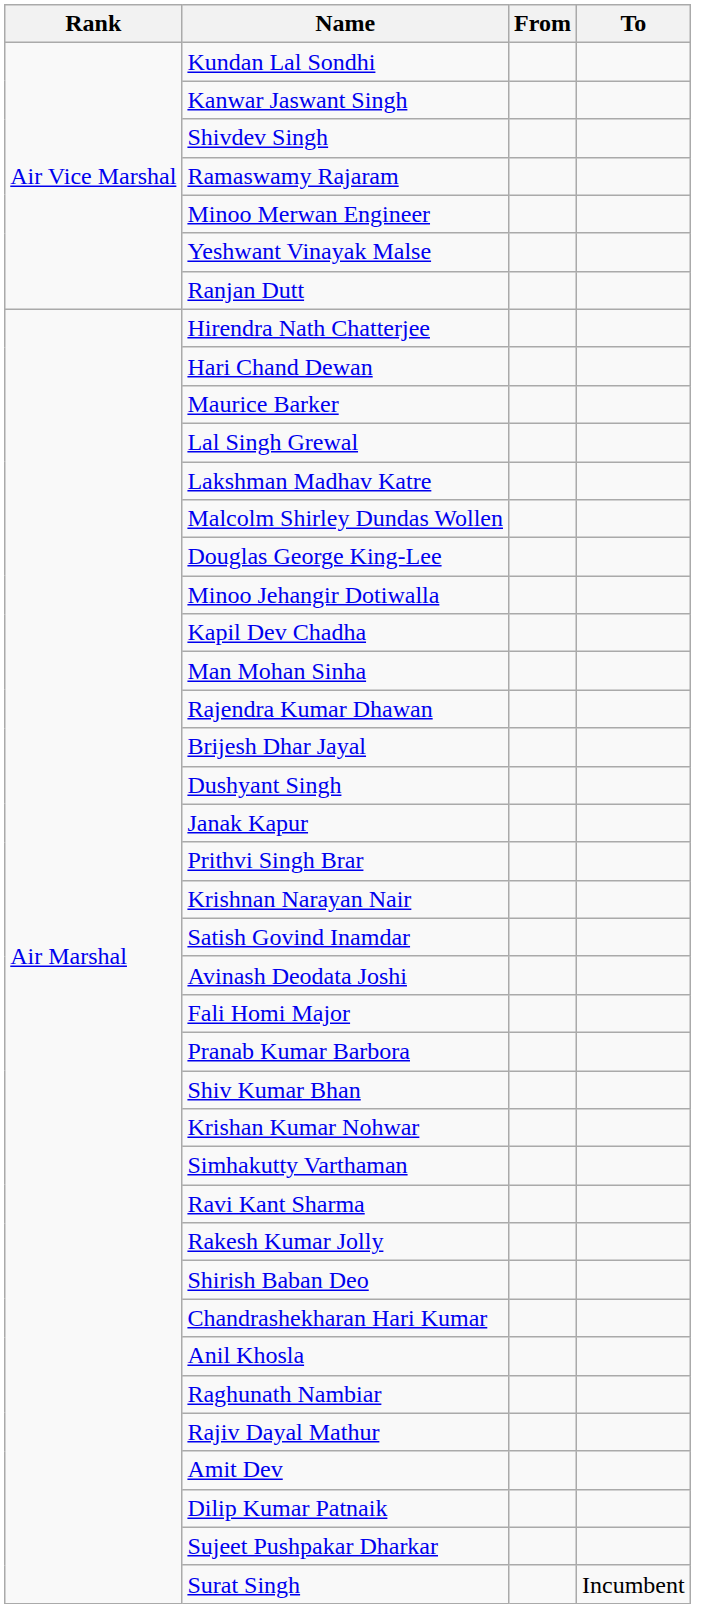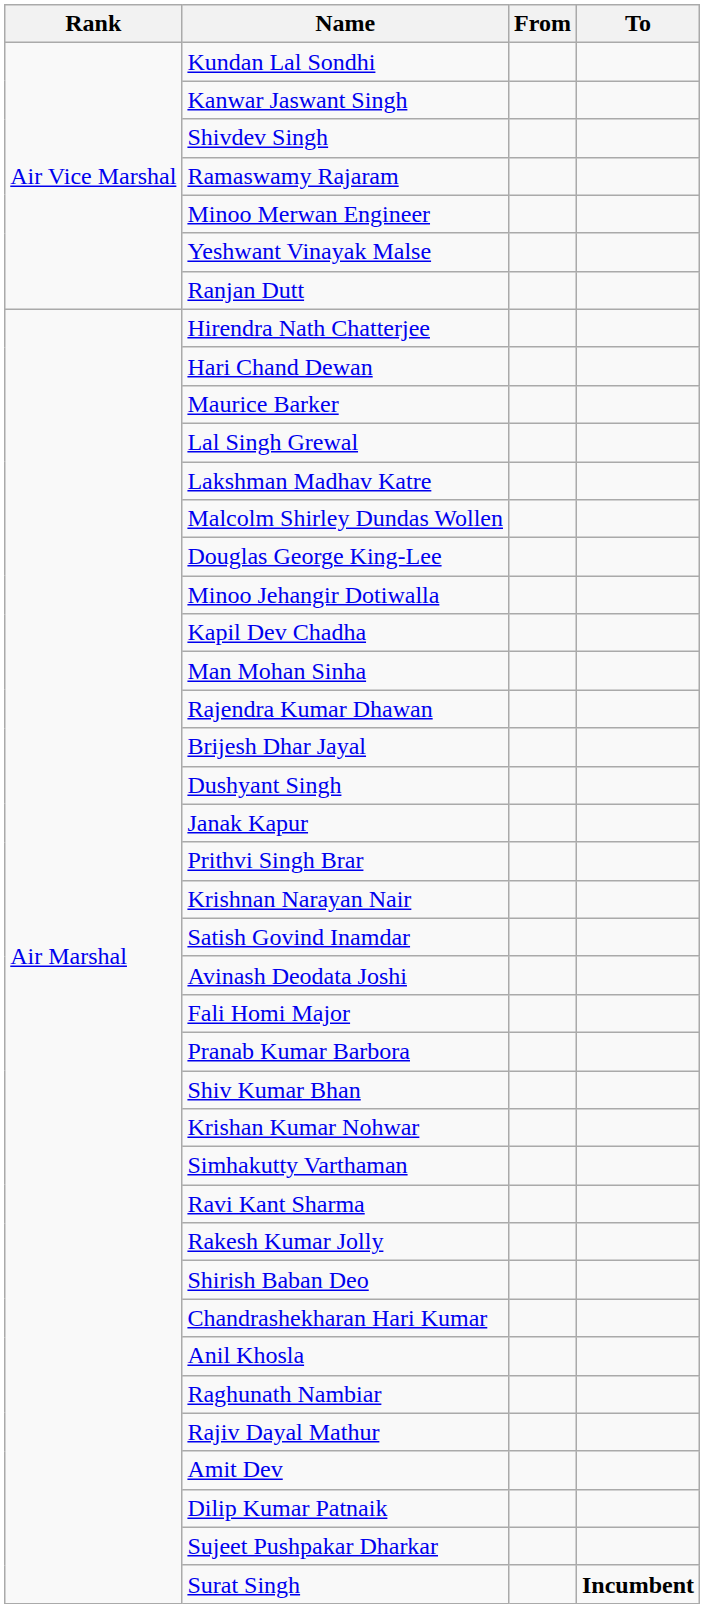 <table class="wikitable sortable">
 <tr>
 <th>Rank</th>
 <th>Name</th>
 <th>From</th>
 <th>To</th>
 </tr>
 <tr>
 <td rowspan="7"><a href='#'>Air Vice Marshal</a></td>
 <td><a href='#'>Kundan Lal Sondhi</a></td>
 <td></td>
 <td></td>
 </tr>
 <tr>
 <td><a href='#'>Kanwar Jaswant Singh</a></td>
 <td></td>
 <td></td>
 </tr>
 <tr>
 <td><a href='#'>Shivdev Singh</a></td>
 <td></td>
 <td></td>
 </tr>
 <tr>
 <td><a href='#'>Ramaswamy Rajaram</a></td>
 <td></td>
 <td></td>
 </tr>
 <tr>
 <td><a href='#'>Minoo Merwan Engineer</a></td>
 <td></td>
 <td></td>
 </tr>
 <tr>
 <td><a href='#'>Yeshwant Vinayak Malse</a></td>
 <td></td>
 <td></td>
 </tr>
 <tr>
 <td><a href='#'>Ranjan Dutt</a></td>
 <td></td>
 <td></td>
 </tr>
 <tr>
 <td rowspan="34"><a href='#'>Air Marshal</a></td>
 <td><a href='#'>Hirendra Nath Chatterjee</a></td>
 <td></td>
 <td></td>
 </tr>
 <tr>
 <td><a href='#'>Hari Chand Dewan</a></td>
 <td></td>
 <td></td>
 </tr>
 <tr>
 <td><a href='#'>Maurice Barker</a></td>
 <td></td>
 <td></td>
 </tr>
 <tr>
 <td><a href='#'>Lal Singh Grewal</a></td>
 <td></td>
 <td></td>
 </tr>
 <tr>
 <td><a href='#'>Lakshman Madhav Katre</a></td>
 <td></td>
 <td></td>
 </tr>
 <tr>
 <td><a href='#'>Malcolm Shirley Dundas Wollen</a></td>
 <td></td>
 <td></td>
 </tr>
 <tr>
 <td><a href='#'>Douglas George King-Lee</a></td>
 <td></td>
 <td></td>
 </tr>
 <tr>
 <td><a href='#'>Minoo Jehangir Dotiwalla</a></td>
 <td></td>
 <td></td>
 </tr>
 <tr>
 <td><a href='#'>Kapil Dev Chadha</a></td>
 <td></td>
 <td></td>
 </tr>
 <tr>
 <td><a href='#'>Man Mohan Sinha</a></td>
 <td></td>
 <td></td>
 </tr>
 <tr>
 <td><a href='#'>Rajendra Kumar Dhawan</a></td>
 <td></td>
 <td></td>
 </tr>
 <tr>
 <td><a href='#'>Brijesh Dhar Jayal</a></td>
 <td></td>
 <td></td>
 </tr>
 <tr>
 <td><a href='#'>Dushyant Singh</a></td>
 <td></td>
 <td></td>
 </tr>
 <tr>
 <td><a href='#'>Janak Kapur</a></td>
 <td></td>
 <td></td>
 </tr>
 <tr>
 <td><a href='#'>Prithvi Singh Brar</a></td>
 <td></td>
 <td></td>
 </tr>
 <tr>
 <td><a href='#'>Krishnan Narayan Nair</a></td>
 <td></td>
 <td></td>
 </tr>
 <tr>
 <td><a href='#'>Satish Govind Inamdar</a></td>
 <td></td>
 <td></td>
 </tr>
 <tr>
 <td><a href='#'>Avinash Deodata Joshi</a></td>
 <td></td>
 <td></td>
 </tr>
 <tr>
 <td><a href='#'>Fali Homi Major</a></td>
 <td></td>
 <td></td>
 </tr>
 <tr>
 <td><a href='#'>Pranab Kumar Barbora</a></td>
 <td></td>
 <td></td>
 </tr>
 <tr>
 <td><a href='#'>Shiv Kumar Bhan</a></td>
 <td></td>
 <td></td>
 </tr>
 <tr>
 <td><a href='#'>Krishan Kumar Nohwar</a></td>
 <td></td>
 <td></td>
 </tr>
 <tr>
 <td><a href='#'>Simhakutty Varthaman</a></td>
 <td></td>
 <td></td>
 </tr>
 <tr>
 <td><a href='#'>Ravi Kant Sharma</a></td>
 <td></td>
 <td></td>
 </tr>
 <tr>
 <td><a href='#'>Rakesh Kumar Jolly</a></td>
 <td></td>
 <td></td>
 </tr>
 <tr>
 <td><a href='#'>Shirish Baban Deo</a></td>
 <td></td>
 <td></td>
 </tr>
 <tr>
 <td><a href='#'>Chandrashekharan Hari Kumar</a></td>
 <td></td>
 <td></td>
 </tr>
 <tr>
 <td><a href='#'>Anil Khosla</a></td>
 <td></td>
 <td></td>
 </tr>
 <tr>
 <td><a href='#'>Raghunath Nambiar</a></td>
 <td></td>
 <td></td>
 </tr>
 <tr>
 <td><a href='#'>Rajiv Dayal Mathur</a></td>
 <td></td>
 <td></td>
 </tr>
 <tr>
 <td><a href='#'>Amit Dev</a></td>
 <td></td>
 <td></td>
 </tr>
 <tr>
 <td><a href='#'>Dilip Kumar Patnaik</a></td>
 <td></td>
 <td></td>
 </tr>
 <tr>
 <td><a href='#'>Sujeet Pushpakar Dharkar</a></td>
 <td></td>
 <td></td>
 </tr>
 <tr>
 <td><a href='#'>Surat Singh</a></td>
 <td></td>
-<td>Incumbent</td>
+<td><strong>Incumbent</strong></td>
 </tr>
 </table>
